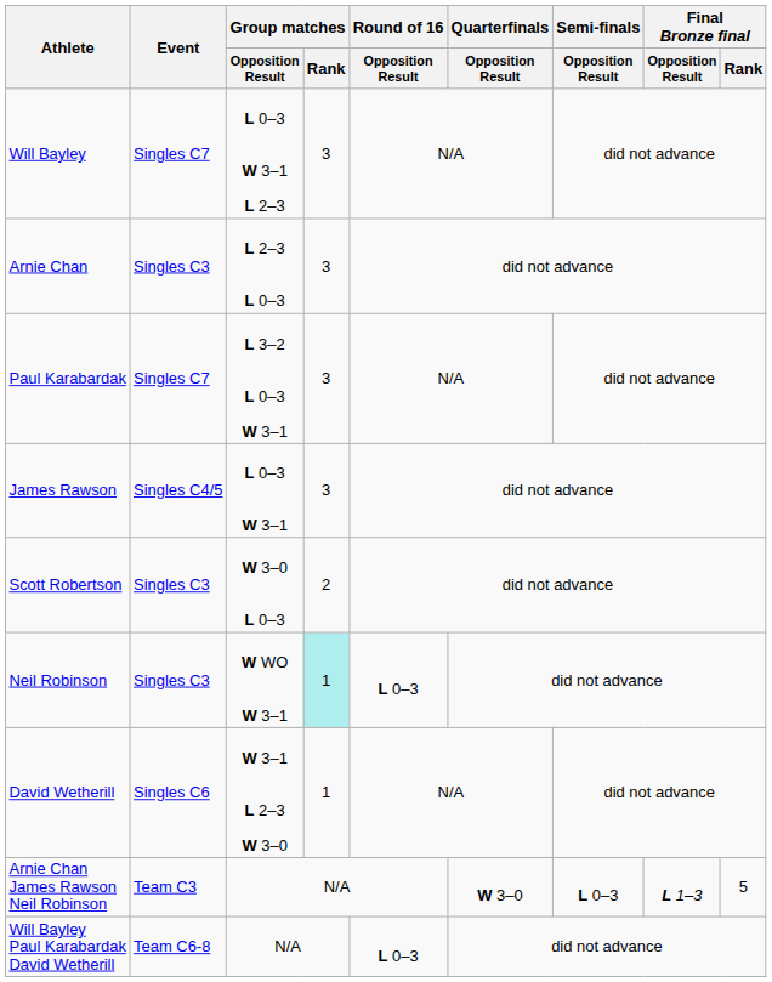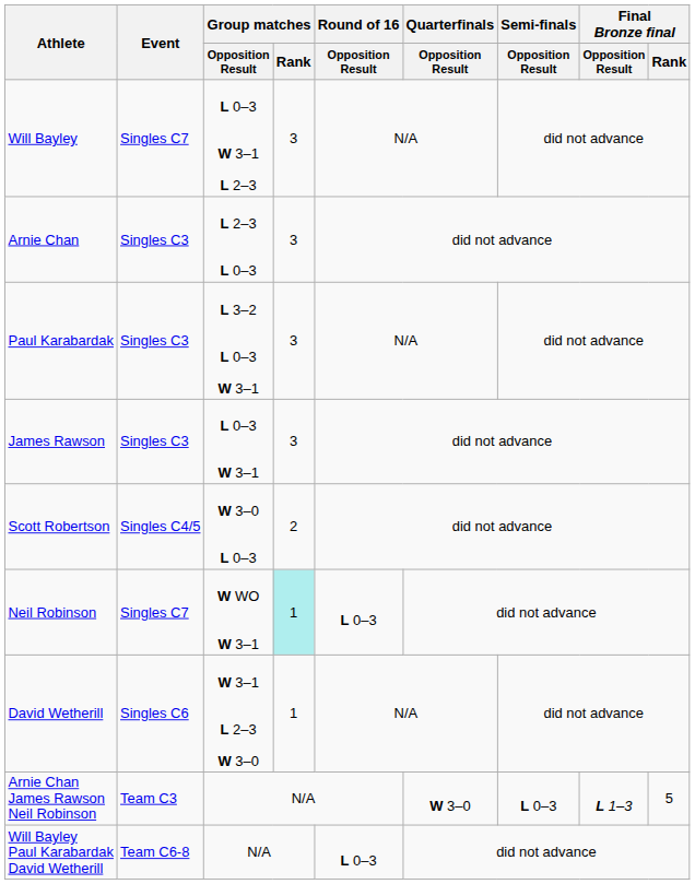 <table class=wikitable style="font-size:90%">
 <tr>
 <th rowspan="2">Athlete</th>
 <th rowspan="2">Event</th>
 <th colspan="2">Group matches</th>
 <th>Round of 16</th>
 <th>Quarterfinals</th>
 <th>Semi-finals</th>
 <th colspan="2">Final<br><em>Bronze final</em></th>
 </tr>
 <tr>
 <th style="line-height:1em"><small>Opposition<br>Result</small></th>
 <th>Rank</th>
 <th style="line-height:1em"><small>Opposition<br>Result</small></th>
 <th style="line-height:1em"><small>Opposition<br>Result</small></th>
 <th style="line-height:1em"><small>Opposition<br>Result</small></th>
 <th style="line-height:1em"><small>Opposition<br>Result</small></th>
 <th>Rank</th>
 </tr>
 <tr>
 <td><a href='#'>Will Bayley</a></td>
 <td><a href='#'>Singles C7</a></td>
 <td align="center"><br> <strong>L</strong> 0–3<br><br><br> <strong>W</strong> 3–1<br> <br> <strong>L</strong> 2–3</td>
 <td align="center">3</td>
 <td align="center" colspan="2">N/A</td>
 <td align="center" colspan="3">did not advance</td>
 </tr>
 <tr>
 <td><a href='#'>Arnie Chan</a></td>
 <td><a href='#'>Singles C3</a></td>
 <td align="center"><br> <strong>L</strong> 2–3<br><br><br><strong>L</strong> 0–3</td>
 <td align="center">3</td>
 <td align="center" colspan="5">did not advance</td>
 </tr>
 <tr>
 <td><a href='#'>Paul Karabardak</a></td>
-<td><a href='#'>Singles C7</a></td>
+<td><a href='#'>Singles C3</a></td>
 <td align="center"><br> <strong>L</strong> 3–2<br><br><br> <strong>L</strong> 0–3<br> <br> <strong>W</strong> 3–1</td>
 <td align="center">3</td>
 <td align="center" colspan="2">N/A</td>
 <td align="center" colspan="3">did not advance</td>
 </tr>
 <tr>
 <td><a href='#'>James Rawson</a></td>
-<td><a href='#'>Singles C4/5</a></td>
+<td><a href='#'>Singles C3</a></td>
 <td align="center"><br> <strong>L</strong> 0–3<br><br><br> <strong>W</strong> 3–1</td>
 <td align="center">3</td>
 <td align="center" colspan="5">did not advance</td>
 </tr>
 <tr>
 <td><a href='#'>Scott Robertson</a></td>
-<td><a href='#'>Singles C3</a></td>
+<td><a href='#'>Singles C4/5</a></td>
 <td align="center"><br> <strong>W</strong> 3–0<br><br><br> <strong>L</strong> 0–3</td>
 <td align="center">2</td>
 <td align="center" colspan="5">did not advance</td>
 </tr>
 <tr>
 <td><a href='#'>Neil Robinson</a></td>
-<td><a href='#'>Singles C3</a></td>
+<td><a href='#'>Singles C7</a></td>
 <td align="center"><br> <strong>W</strong> WO<br><br><br> <strong>W</strong> 3–1</td>
 <td align="center" style="background: paleturquoise;">1</td>
 <td align="center"><br> <strong>L</strong> 0–3</td>
 <td align="center" colspan="4">did not advance</td>
 </tr>
 <tr>
 <td><a href='#'>David Wetherill</a></td>
 <td><a href='#'>Singles C6</a></td>
 <td align="center"><br> <strong>W</strong> 3–1<br><br><br> <strong>L</strong> 2–3<br> <br> <strong>W</strong> 3–0</td>
 <td align="center">1</td>
 <td align="center" colspan="2">N/A</td>
 <td align="center" colspan="3">did not advance</td>
 </tr>
 <tr>
 <td><a href='#'>Arnie Chan</a><br><a href='#'>James Rawson</a><br><a href='#'>Neil Robinson</a></td>
 <td><a href='#'>Team C3</a></td>
 <td align="center" colspan="3">N/A</td>
 <td align="center"><br> <strong>W</strong> 3–0</td>
 <td align="center"><br> <strong>L</strong> 0–3</td>
 <td align="center"><em><br> <strong>L</strong> 1–3</em></td>
 <td align="center">5</td>
 </tr>
 <tr>
 <td><a href='#'>Will Bayley</a><br><a href='#'>Paul Karabardak</a><br><a href='#'>David Wetherill</a></td>
 <td><a href='#'>Team C6-8</a></td>
 <td align="center" colspan="2">N/A</td>
 <td align="center"><br> <strong>L</strong> 0–3</td>
 <td align="center" colspan="4">did not advance</td>
 </tr>
 </table>
